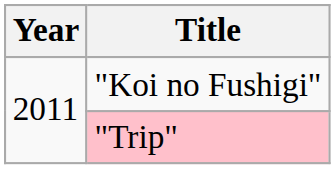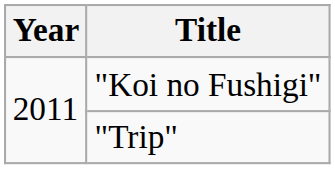 <table class="wikitable">
 <tr>
 <th>Year</th>
 <th>Title</th>
 </tr>
 <tr>
 <td rowspan="2">2011</td>
 <td>"Koi no Fushigi"</td>
 </tr>
 <tr>
-<td style="background: pink;">"Trip"</td>
+<td>"Trip"</td>
 </tr>
 </table>
